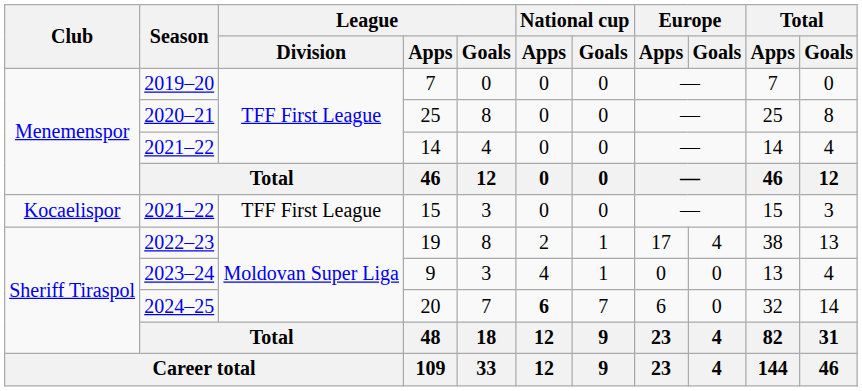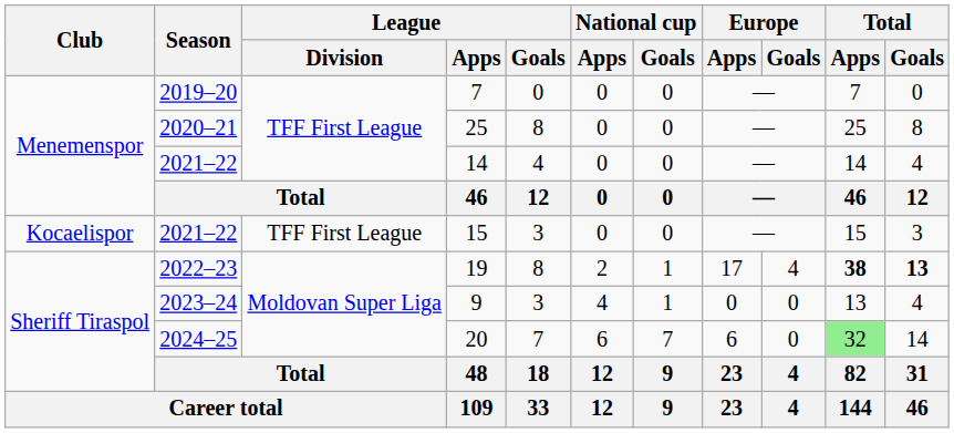 <table class="wikitable" style="text-align:center">
 <tr>
 <th rowspan="2">Club</th>
 <th rowspan="2">Season</th>
 <th colspan="3">League</th>
 <th colspan="2">National cup</th>
 <th colspan="2">Europe</th>
 <th colspan="2">Total</th>
 </tr>
 <tr>
 <th>Division</th>
 <th>Apps</th>
 <th>Goals</th>
 <th>Apps</th>
 <th>Goals</th>
 <th>Apps</th>
 <th>Goals</th>
 <th>Apps</th>
 <th>Goals</th>
 </tr>
 <tr>
 <td rowspan="4"><a href='#'>Menemenspor</a></td>
 <td><a href='#'>2019–20</a></td>
 <td rowspan="3"><a href='#'>TFF First League</a></td>
 <td>7</td>
 <td>0</td>
 <td>0</td>
 <td>0</td>
 <td colspan="2">—</td>
 <td>7</td>
 <td>0</td>
 </tr>
 <tr>
 <td><a href='#'>2020–21</a></td>
 <td>25</td>
 <td>8</td>
 <td>0</td>
 <td>0</td>
 <td colspan="2">—</td>
 <td>25</td>
 <td>8</td>
 </tr>
 <tr>
 <td><a href='#'>2021–22</a></td>
 <td>14</td>
 <td>4</td>
 <td>0</td>
 <td>0</td>
 <td colspan="2">—</td>
 <td>14</td>
 <td>4</td>
 </tr>
 <tr>
 <th colspan="2">Total</th>
 <th>46</th>
 <th>12</th>
 <th>0</th>
 <th>0</th>
 <th colspan="2">—</th>
 <th>46</th>
 <th>12</th>
 </tr>
 <tr>
 <td><a href='#'>Kocaelispor</a></td>
 <td><a href='#'>2021–22</a></td>
 <td>TFF First League</td>
 <td>15</td>
 <td>3</td>
 <td>0</td>
 <td>0</td>
 <td colspan="2">—</td>
 <td>15</td>
 <td>3</td>
 </tr>
 <tr>
 <td rowspan="4"><a href='#'>Sheriff Tiraspol</a></td>
 <td><a href='#'>2022–23</a></td>
 <td rowspan="3"><a href='#'>Moldovan Super Liga</a></td>
 <td>19</td>
 <td>8</td>
 <td>2</td>
 <td>1</td>
 <td>17</td>
 <td>4</td>
-<td>38</td>
-<td>13</td>
+<td><strong>38</strong></td>
+<td><strong>13</strong></td>
 </tr>
 <tr>
 <td><a href='#'>2023–24</a></td>
 <td>9</td>
 <td>3</td>
 <td>4</td>
 <td>1</td>
 <td>0</td>
 <td>0</td>
 <td>13</td>
 <td>4</td>
 </tr>
 <tr>
 <td><a href='#'>2024–25</a></td>
 <td>20</td>
 <td>7</td>
-<td><strong>6</strong></td>
+<td>6</td>
 <td>7</td>
 <td>6</td>
 <td>0</td>
-<td>32</td>
+<td style="background: lightgreen;">32</td>
 <td>14</td>
 </tr>
 <tr>
 <th colspan="2">Total</th>
 <th>48</th>
 <th>18</th>
 <th>12</th>
 <th>9</th>
 <th>23</th>
 <th>4</th>
 <th>82</th>
 <th>31</th>
 </tr>
 <tr>
 <th colspan="3">Career total</th>
 <th>109</th>
 <th>33</th>
 <th>12</th>
 <th>9</th>
 <th>23</th>
 <th>4</th>
 <th>144</th>
 <th>46</th>
 </tr>
 </table>
